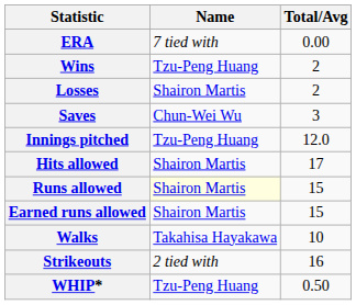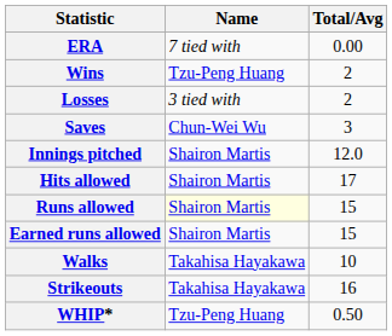 <table class="wikitable plainrowheaders">
 <tr>
 <th scope="col">Statistic</th>
 <th scope="col">Name</th>
 <th scope="col">Total/Avg</th>
 </tr>
 <tr>
 <th scope="row"><a href='#'>ERA</a></th>
 <td><em>7 tied with</em></td>
 <td align=center>0.00</td>
 </tr>
 <tr>
 <th scope="row"><a href='#'>Wins</a></th>
 <td> <a href='#'>Tzu-Peng Huang</a></td>
 <td align=center>2</td>
 </tr>
 <tr>
 <th scope="row"><a href='#'>Losses</a></th>
-<td> <a href='#'>Shairon Martis</a></td>
+<td><em>3 tied with</em></td>
 <td align=center>2</td>
 </tr>
 <tr>
 <th scope="row"><a href='#'>Saves</a></th>
 <td> <a href='#'>Chun-Wei Wu</a></td>
 <td align=center>3</td>
 </tr>
 <tr>
 <th scope="row"><a href='#'>Innings pitched</a></th>
-<td> <a href='#'>Tzu-Peng Huang</a></td>
+<td> <a href='#'>Shairon Martis</a></td>
 <td align=center>12.0</td>
 </tr>
 <tr>
 <th scope="row"><a href='#'>Hits allowed</a></th>
 <td> <a href='#'>Shairon Martis</a></td>
 <td align=center>17</td>
 </tr>
 <tr>
 <th scope="row"><a href='#'>Runs allowed</a></th>
 <td style="background: lightyellow;"> <a href='#'>Shairon Martis</a></td>
 <td align=center>15</td>
 </tr>
 <tr>
 <th scope="row"><a href='#'>Earned runs allowed</a></th>
 <td> <a href='#'>Shairon Martis</a></td>
 <td align=center>15</td>
 </tr>
 <tr>
 <th scope="row"><a href='#'>Walks</a></th>
 <td> <a href='#'>Takahisa Hayakawa</a></td>
 <td align=center>10</td>
 </tr>
 <tr>
 <th scope="row"><a href='#'>Strikeouts</a></th>
-<td><em>2 tied with</em></td>
+<td> <a href='#'>Takahisa Hayakawa</a></td>
 <td align=center>16</td>
 </tr>
 <tr>
 <th scope="row"><a href='#'>WHIP</a>*</th>
 <td> <a href='#'>Tzu-Peng Huang</a></td>
 <td align=center>0.50</td>
 </tr>
 </table>
